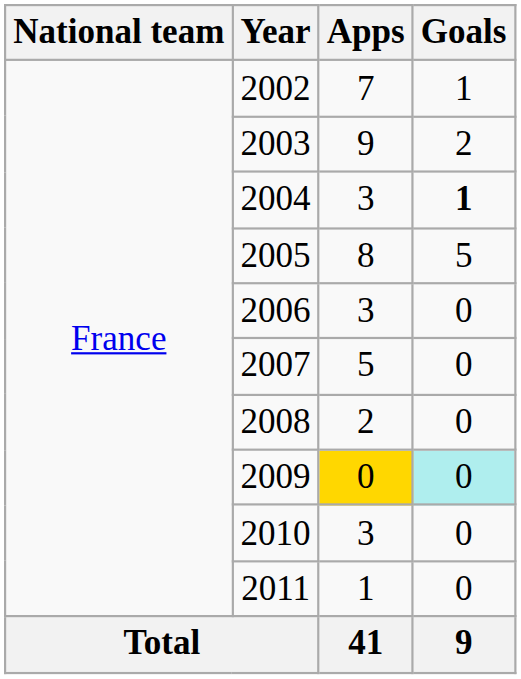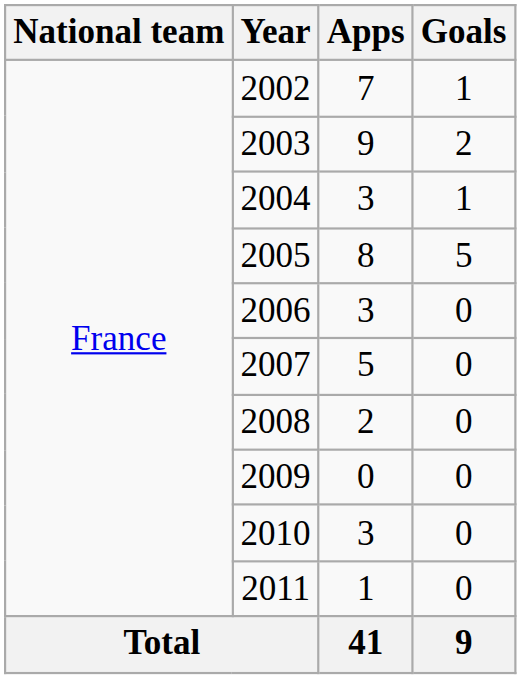 <table class="wikitable" style="text-align: center;">
 <tr>
 <th>National team</th>
 <th>Year</th>
 <th>Apps</th>
 <th>Goals</th>
 </tr>
 <tr>
 <td rowspan="10"><a href='#'>France</a></td>
 <td>2002</td>
 <td>7</td>
 <td>1</td>
 </tr>
 <tr>
 <td>2003</td>
 <td>9</td>
 <td>2</td>
 </tr>
 <tr>
 <td>2004</td>
 <td>3</td>
-<td><strong>1</strong></td>
+<td>1</td>
 </tr>
 <tr>
 <td>2005</td>
 <td>8</td>
 <td>5</td>
 </tr>
 <tr>
 <td>2006</td>
 <td>3</td>
 <td>0</td>
 </tr>
 <tr>
 <td>2007</td>
 <td>5</td>
 <td>0</td>
 </tr>
 <tr>
 <td>2008</td>
 <td>2</td>
 <td>0</td>
 </tr>
 <tr>
 <td>2009</td>
-<td style="background: gold;">0</td>
-<td style="background: paleturquoise;">0</td>
+<td>0</td>
+<td>0</td>
 </tr>
 <tr>
 <td>2010</td>
 <td>3</td>
 <td>0</td>
 </tr>
 <tr>
 <td>2011</td>
 <td>1</td>
 <td>0</td>
 </tr>
 <tr>
 <th colspan="2">Total</th>
 <th>41</th>
 <th>9</th>
 </tr>
 </table>
